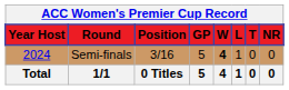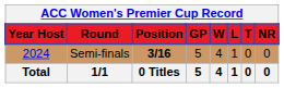 <table class="wikitable" style="text-align: center; width=900px;">
 <tr>
 <th colspan="8"><a href='#'>ACC Women's Premier Cup Record</a></th>
 </tr>
 <tr>
 <th style="background:#ED1C24;border: 2px solid #3F43A4;"><span>Year Host</span></th>
 <th style="background:#ED1C24;border: 2px solid #3F43A4;"><span>Round</span></th>
 <th style="background:#ED1C24;border: 2px solid #3F43A4;"><span>Position</span></th>
 <th style="background:#ED1C24;border: 2px solid #3F43A4;"><span>GP</span></th>
 <th style="background:#ED1C24;border: 2px solid #3F43A4;"><span>W</span></th>
 <th style="background:#ED1C24;border: 2px solid #3F43A4;"><span>L</span></th>
 <th style="background:#ED1C24;border: 2px solid #3F43A4;"><span>T</span></th>
 <th style="background:#ED1C24;border: 2px solid #3F43A4;"><span>NR</span></th>
 </tr>
 <tr style="background:#cc9966">
 <td style=><a href='#'>2024</a> </td>
 <td>Semi-finals</td>
-<td>3/16</td>
+<td><strong>3/16</strong></td>
 <td>5</td>
-<td><strong>4</strong></td>
+<td>4</td>
 <td>1</td>
 <td>0</td>
 <td>0</td>
 </tr>
 <tr>
 <th>Total</th>
 <th>1/1</th>
 <th>0 Titles</th>
 <th>5</th>
 <th>4</th>
 <th>1</th>
 <th>0</th>
 <th>0</th>
 </tr>
 </table>
